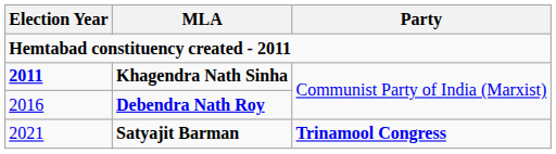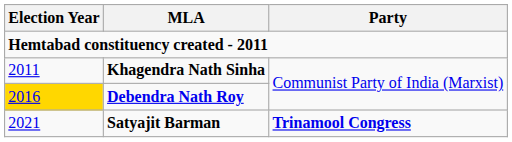 <table class="wikitable sortable" style="font-size:90%">
 <tr>
 <th>Election Year</th>
 <th>MLA</th>
 <th>Party</th>
 </tr>
 <tr>
 <td colspan="3"><strong>Hemtabad constituency created - 2011</strong></td>
 </tr>
 <tr>
-<td><strong><a href='#'>2011</a></strong></td>
+<td><a href='#'>2011</a></td>
 <td><strong>Khagendra Nath Sinha</strong></td>
 <td rowspan="2"><a href='#'>Communist Party of India (Marxist)</a></td>
 </tr>
 <tr>
-<td><a href='#'>2016</a></td>
+<td style="background: gold;"><a href='#'>2016</a></td>
 <td><strong><a href='#'>Debendra Nath Roy</a></strong></td>
 </tr>
 <tr>
 <td><a href='#'>2021</a></td>
 <td><strong>Satyajit Barman</strong></td>
 <td><strong><a href='#'>Trinamool Congress</a></strong></td>
 </tr>
 </table>
